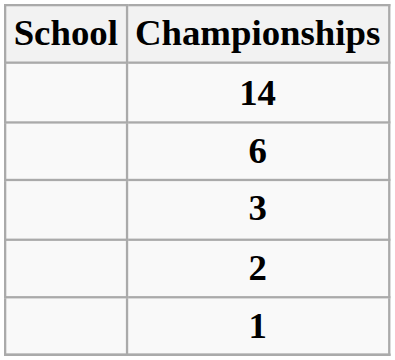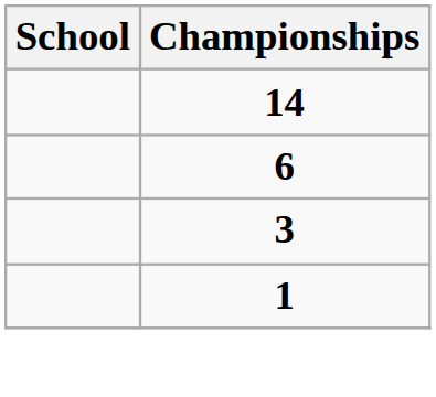 <table class="wikitable sortable" style="text-align:center">
 <tr>
 <th>School</th>
 <th>Championships</th>
 </tr>
 <tr>
 <td><strong><a href='#'></a></strong></td>
 <td><strong>14</strong></td>
 </tr>
 <tr>
 <td><strong><a href='#'></a></strong></td>
 <td><strong>6</strong></td>
 </tr>
 <tr>
 <td><strong><a href='#'></a></strong></td>
 <td><strong>3</strong></td>
 </tr>
 <tr>
 <td><strong><a href='#'></a></strong></td>
-<td><strong>2</strong></td>
-</tr>
-<tr>
-<td><strong><a href='#'></a></strong></td>
 <td><strong>1</strong></td>
 </tr>
 <tr>
 </tr>
 </table>
